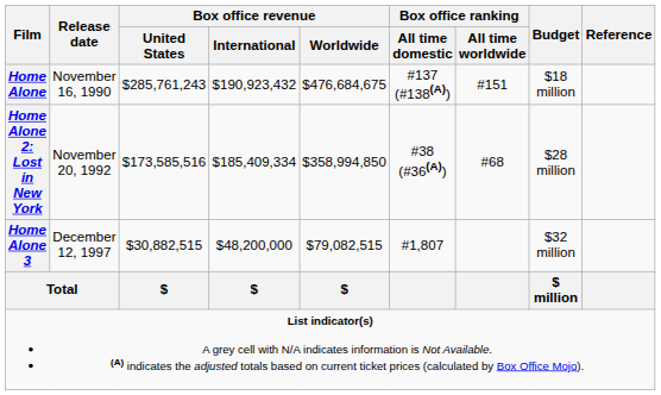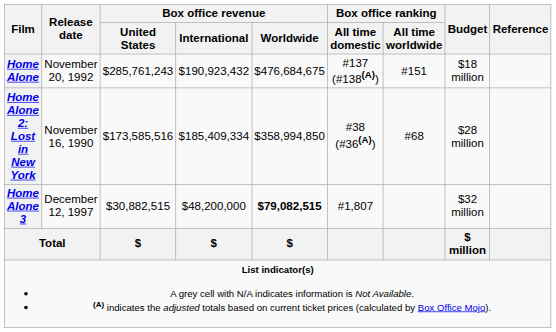 <table class="wikitable plainrowheaders"  style="text-align:center;">
 <tr>
 <th rowspan="2" style="text-align:center;">Film</th>
 <th rowspan="2" style="text-align:center;">Release date</th>
 <th colspan="3" style="text-align:center;">Box office revenue</th>
 <th colspan="2" style="text-align:center;" text="wrap">Box office ranking</th>
 <th rowspan="2" style="text-align:center;">Budget</th>
 <th rowspan="2" style="text-align:center;">Reference</th>
 </tr>
 <tr>
 <th style="text-align:center;">United States</th>
 <th style="text-align:center;">International</th>
 <th style="text-align:center;">Worldwide</th>
 <th style="text-align:center;">All time domestic</th>
 <th style="text-align:center;">All time worldwide</th>
 </tr>
 <tr>
 <th scope="row"><em><a href='#'>Home Alone</a></em></th>
-<td>November 16, 1990</td>
+<td>November 20, 1992</td>
 <td>$285,761,243</td>
 <td>$190,923,432</td>
 <td>$476,684,675</td>
 <td style="text-align:center;">#137 (#138<sup><strong>(A)</strong></sup>)</td>
 <td style="text-align:center;">#151</td>
 <td style="text-align:center;">$18 million</td>
 <td style="text-align:center;"></td>
 </tr>
 <tr>
 <th scope="row"><em><a href='#'>Home Alone 2: Lost in New York</a></em></th>
-<td>November 20, 1992</td>
+<td>November 16, 1990</td>
 <td>$173,585,516</td>
 <td>$185,409,334</td>
 <td>$358,994,850</td>
 <td style="text-align:center;">#38 (#36<sup><strong>(A)</strong></sup>)</td>
 <td style="text-align:center;">#68</td>
 <td style="text-align:center;">$28 million</td>
 <td style="text-align:center;"></td>
 </tr>
 <tr>
 <th scope="row"><em><a href='#'>Home Alone 3</a></em></th>
 <td>December 12, 1997</td>
 <td>$30,882,515</td>
 <td>$48,200,000</td>
-<td>$79,082,515</td>
+<td><strong>$79,082,515</strong></td>
 <td style="text-align:center;">#1,807</td>
 <td></td>
 <td style="text-align:center;">$32 million</td>
 <td style="text-align:center;"></td>
 </tr>
 <tr>
 <th colspan="2" style="text-align:center;"><strong>Total</strong></th>
 <th>$</th>
 <th>$</th>
 <th>$</th>
 <th></th>
 <th></th>
 <th>$ million</th>
 <th colspan="2"></th>
 </tr>
 <tr>
 <td colspan="9"><small><strong>List indicator(s)</strong></small><br><ul><li><small>A grey cell with N/A indicates information is <em>Not Available</em>.</small></li><li><small><sup><strong>(A)</strong></sup> indicates the <em>adjusted</em> totals based on current ticket prices (calculated by <a href='#'>Box Office Mojo</a>).</small></li></ul></td>
 </tr>
 </table>
